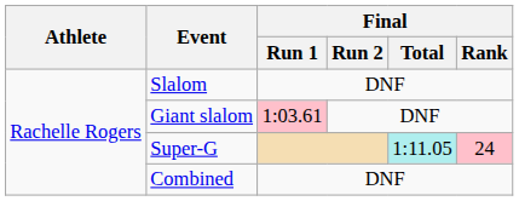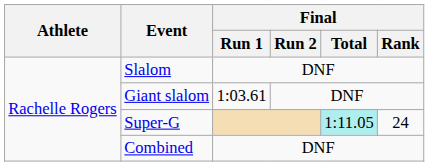 <table class="wikitable">
 <tr>
 <th rowspan="2">Athlete</th>
 <th rowspan="2">Event</th>
 <th colspan="4">Final</th>
 </tr>
 <tr>
 <th>Run 1</th>
 <th>Run 2</th>
 <th>Total</th>
 <th>Rank</th>
 </tr>
 <tr>
 <td rowspan=4><a href='#'>Rachelle Rogers</a></td>
 <td><a href='#'>Slalom</a></td>
 <td align="center" colspan=4>DNF</td>
 </tr>
 <tr>
 <td><a href='#'>Giant slalom</a></td>
-<td align="center" style="background: pink;">1:03.61</td>
+<td align="center">1:03.61</td>
 <td align="center" colspan=3>DNF</td>
 </tr>
 <tr>
 <td><a href='#'>Super-G</a></td>
 <td colspan=2 bgcolor="wheat"></td>
 <td align="center" style="background: paleturquoise;">1:11.05</td>
-<td align="center" style="background: pink;">24</td>
+<td align="center">24</td>
 </tr>
 <tr>
 <td><a href='#'>Combined</a></td>
 <td align="center" colspan=4>DNF</td>
 </tr>
 </table>
